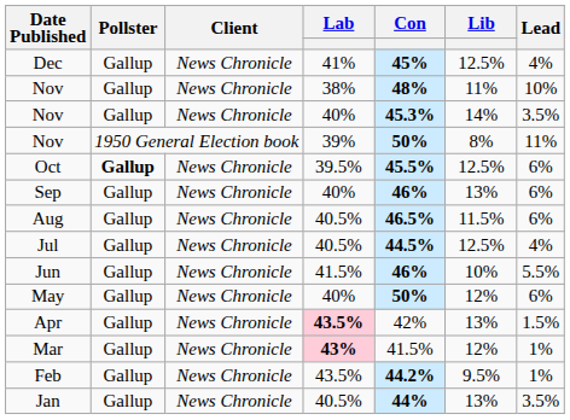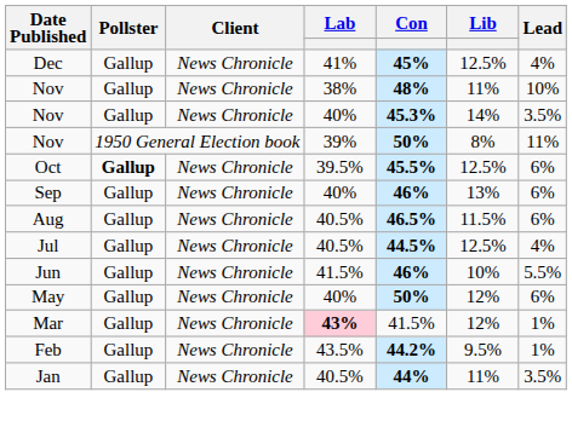 <table class="wikitable sortable mw-datatable" style="text-align:center;font-size:90%;line-height:14px;">
 <tr>
 <th rowspan="2">Date<br>Published</th>
 <th rowspan="2">Pollster</th>
 <th rowspan="2">Client</th>
 <th class="unsortable" style="width:50px;"><a href='#'>Lab</a></th>
 <th class="unsortable" style="width:50px;"><a href='#'>Con</a></th>
 <th class="unsortable" style="width:50px;"><a href='#'>Lib</a></th>
 <th rowspan="2">Lead</th>
 </tr>
 <tr>
 <th style="background:"></th>
 <th style="background:"></th>
 <th style="background:"></th>
 </tr>
 <tr>
 <td>Dec</td>
 <td>Gallup</td>
 <td><em>News Chronicle</em></td>
 <td>41%</td>
 <td style="background:#CCEBFF;"><strong>45%</strong></td>
 <td>12.5%</td>
 <td style="background:">4%</td>
 </tr>
 <tr>
 <td>Nov</td>
 <td>Gallup</td>
 <td><em>News Chronicle</em></td>
 <td>38%</td>
 <td style="background:#CCEBFF;"><strong>48%</strong></td>
 <td>11%</td>
 <td style="background:">10%</td>
 </tr>
 <tr>
 <td>Nov</td>
 <td>Gallup</td>
 <td><em>News Chronicle</em></td>
 <td>40%</td>
 <td style="background:#CCEBFF;"><strong>45.3%</strong></td>
 <td>14%</td>
 <td style="background:">3.5%</td>
 </tr>
 <tr>
 <td>Nov</td>
 <td colspan="2"><em>1950 General Election book</em></td>
 <td>39%</td>
 <td style="background:#CCEBFF;"><strong>50%</strong></td>
 <td>8%</td>
 <td style="background:">11%</td>
 </tr>
 <tr>
 <td>Oct</td>
 <td><strong>Gallup</strong></td>
 <td><em>News Chronicle</em></td>
 <td>39.5%</td>
 <td style="background:#CCEBFF;"><strong>45.5%</strong></td>
 <td>12.5%</td>
 <td style="background:">6%</td>
 </tr>
 <tr>
 <td>Sep</td>
 <td>Gallup</td>
 <td><em>News Chronicle</em></td>
 <td>40%</td>
 <td style="background:#CCEBFF;"><strong>46%</strong></td>
 <td>13%</td>
 <td style="background:">6%</td>
 </tr>
 <tr>
 <td>Aug</td>
 <td>Gallup</td>
 <td><em>News Chronicle</em></td>
 <td>40.5%</td>
 <td style="background:#CCEBFF;"><strong>46.5%</strong></td>
 <td>11.5%</td>
 <td style="background:">6%</td>
 </tr>
 <tr>
 <td>Jul</td>
 <td>Gallup</td>
 <td><em>News Chronicle</em></td>
 <td>40.5%</td>
 <td style="background:#CCEBFF;"><strong>44.5%</strong></td>
 <td>12.5%</td>
 <td style="background:">4%</td>
 </tr>
 <tr>
 <td>Jun</td>
 <td>Gallup</td>
 <td><em>News Chronicle</em></td>
 <td>41.5%</td>
 <td style="background:#CCEBFF;"><strong>46%</strong></td>
 <td>10%</td>
 <td style="background:">5.5%</td>
 </tr>
 <tr>
 <td>May</td>
 <td>Gallup</td>
 <td><em>News Chronicle</em></td>
 <td>40%</td>
 <td style="background:#CCEBFF;"><strong>50%</strong></td>
 <td>12%</td>
 <td style="background:">6%</td>
 </tr>
 <tr>
-<td>Apr</td>
-<td>Gallup</td>
-<td><em>News Chronicle</em></td>
-<td style="background:#FFCCDA;"><strong>43.5%</strong></td>
-<td>42%</td>
-<td>13%</td>
-<td style="background:">1.5%</td>
-</tr>
-<tr>
 <td>Mar</td>
 <td>Gallup</td>
 <td><em>News Chronicle</em></td>
 <td style="background:#FFCCDA;"><strong>43%</strong></td>
 <td>41.5%</td>
 <td>12%</td>
 <td style="background:">1%</td>
 </tr>
 <tr>
 <td>Feb</td>
 <td>Gallup</td>
 <td><em>News Chronicle</em></td>
 <td>43.5%</td>
 <td style="background:#CCEBFF;"><strong>44.2%</strong></td>
 <td>9.5%</td>
 <td style="background:">1%</td>
 </tr>
 <tr>
 <td>Jan</td>
 <td>Gallup</td>
 <td><em>News Chronicle</em></td>
 <td>40.5%</td>
 <td style="background:#CCEBFF;"><strong>44%</strong></td>
-<td>13%</td>
+<td>11%</td>
 <td style="background:">3.5%</td>
 </tr>
 </table>
